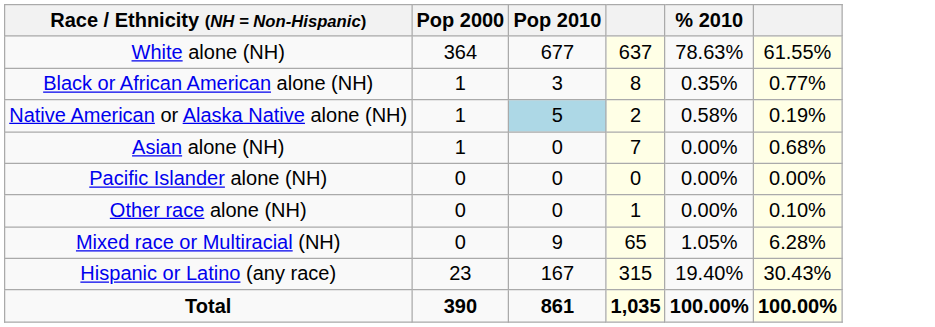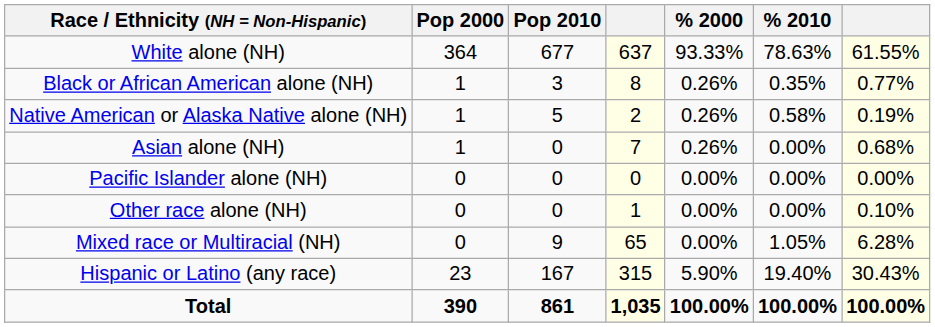 <table class="wikitable" style="text-align:center;">
 <tr>
 <th>Race / Ethnicity <small>(<em>NH = Non-Hispanic</em>)</small></th>
 <th>Pop 2000</th>
 <th>Pop 2010</th>
 <th></th>
+<th>% 2000</th>
 <th>% 2010</th>
 <th></th>
 </tr>
 <tr>
 <td><a href='#'>White</a> alone (NH)</td>
 <td>364</td>
 <td>677</td>
 <td style='background: #ffffe6;'>637</td>
+<td>93.33%</td>
 <td>78.63%</td>
 <td style='background: #ffffe6;'>61.55%</td>
 </tr>
 <tr>
 <td><a href='#'>Black or African American</a> alone (NH)</td>
 <td>1</td>
 <td>3</td>
 <td style='background: #ffffe6;'>8</td>
+<td>0.26%</td>
 <td>0.35%</td>
 <td style='background: #ffffe6;'>0.77%</td>
 </tr>
 <tr>
 <td><a href='#'>Native American</a> or <a href='#'>Alaska Native</a> alone (NH)</td>
 <td>1</td>
-<td style="background: lightblue;">5</td>
+<td>5</td>
 <td style='background: #ffffe6;'>2</td>
+<td>0.26%</td>
 <td>0.58%</td>
 <td style='background: #ffffe6;'>0.19%</td>
 </tr>
 <tr>
 <td><a href='#'>Asian</a> alone (NH)</td>
 <td>1</td>
 <td>0</td>
 <td style='background: #ffffe6;'>7</td>
+<td>0.26%</td>
 <td>0.00%</td>
 <td style='background: #ffffe6;'>0.68%</td>
 </tr>
 <tr>
 <td><a href='#'>Pacific Islander</a> alone (NH)</td>
 <td>0</td>
 <td>0</td>
 <td style='background: #ffffe6;'>0</td>
 <td>0.00%</td>
+<td>0.00%</td>
 <td style='background: #ffffe6;'>0.00%</td>
 </tr>
 <tr>
 <td><a href='#'>Other race</a> alone (NH)</td>
 <td>0</td>
 <td>0</td>
 <td style='background: #ffffe6;'>1</td>
 <td>0.00%</td>
+<td>0.00%</td>
 <td style='background: #ffffe6;'>0.10%</td>
 </tr>
 <tr>
 <td><a href='#'>Mixed race or Multiracial</a> (NH)</td>
 <td>0</td>
 <td>9</td>
 <td style='background: #ffffe6;'>65</td>
+<td>0.00%</td>
 <td>1.05%</td>
 <td style='background: #ffffe6;'>6.28%</td>
 </tr>
 <tr>
 <td><a href='#'>Hispanic or Latino</a> (any race)</td>
 <td>23</td>
 <td>167</td>
 <td style='background: #ffffe6;'>315</td>
+<td>5.90%</td>
 <td>19.40%</td>
 <td style='background: #ffffe6;'>30.43%</td>
 </tr>
 <tr>
 <td><strong>Total</strong></td>
 <td><strong>390</strong></td>
 <td><strong>861</strong></td>
 <td style='background: #ffffe6;'><strong>1,035</strong></td>
 <td><strong>100.00%</strong></td>
+<td><strong>100.00%</strong></td>
 <td style='background: #ffffe6;'><strong>100.00%</strong></td>
 </tr>
 </table>
